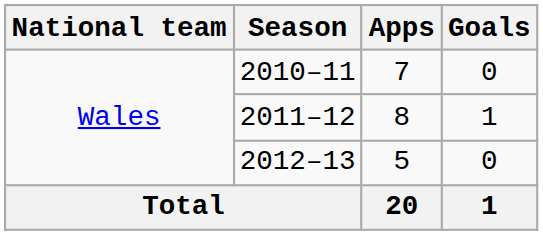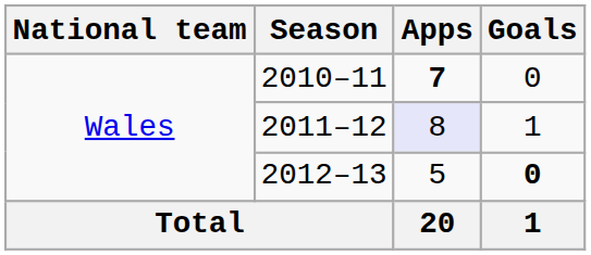 <table class="wikitable" style="text-align: center">
 <tr>
 <th>National team</th>
 <th>Season</th>
 <th>Apps</th>
 <th>Goals</th>
 </tr>
 <tr>
 <td rowspan="3"><a href='#'>Wales</a></td>
 <td>2010–11</td>
-<td>7</td>
+<td><strong>7</strong></td>
 <td>0</td>
 </tr>
 <tr>
 <td>2011–12</td>
-<td>8</td>
+<td style="background: lavender;">8</td>
 <td>1</td>
 </tr>
 <tr>
 <td>2012–13</td>
 <td>5</td>
-<td>0</td>
+<td><strong>0</strong></td>
 </tr>
 <tr>
 <th colspan="2">Total</th>
 <th>20</th>
 <th>1</th>
 </tr>
 </table>
